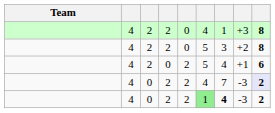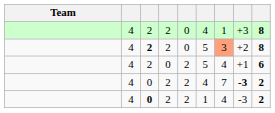 <table class="wikitable" style="text-align: center;">
 <tr>
 <th width="165">Team</th>
 <th width="20"></th>
 <th width="20"></th>
 <th width="20"></th>
 <th width="20"></th>
 <th width="20"></th>
 <th width="20"></th>
 <th width="20"></th>
 <th width="20"></th>
 </tr>
 <tr bgcolor="#ccffcc">
 <td align=left></td>
 <td>4</td>
 <td>2</td>
 <td>2</td>
 <td>0</td>
 <td>4</td>
 <td>1</td>
 <td>+3</td>
 <td><strong>8</strong></td>
 </tr>
 <tr>
 <td align=left></td>
 <td>4</td>
-<td>2</td>
+<td><strong>2</strong></td>
 <td>2</td>
 <td>0</td>
 <td>5</td>
-<td>3</td>
+<td style="background: lightsalmon;">3</td>
 <td>+2</td>
 <td><strong>8</strong></td>
 </tr>
 <tr>
 <td align=left></td>
 <td>4</td>
 <td>2</td>
 <td>0</td>
 <td>2</td>
 <td>5</td>
 <td>4</td>
 <td>+1</td>
 <td><strong>6</strong></td>
 </tr>
 <tr>
 <td align=left></td>
 <td>4</td>
 <td>0</td>
 <td>2</td>
 <td>2</td>
 <td>4</td>
 <td>7</td>
-<td>-3</td>
-<td style="background: lavender;"><strong>2</strong></td>
+<td><strong>-3</strong></td>
+<td><strong>2</strong></td>
 </tr>
 <tr>
 <td align=left></td>
 <td>4</td>
-<td>0</td>
+<td><strong>0</strong></td>
 <td>2</td>
 <td>2</td>
-<td style="background: lightgreen;">1</td>
-<td><strong>4</strong></td>
+<td>1</td>
+<td>4</td>
 <td>-3</td>
 <td><strong>2</strong></td>
 </tr>
 </table>
